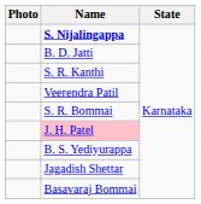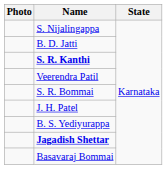 <table class="wikitable plainlinks" border=1 cellspacing=0 cellpadding=4>
 <tr>
 <th>Photo</th>
 <th>Name</th>
 <th>State</th>
 </tr>
 <tr>
 <td></td>
-<td><strong><a href='#'>S. Nijalingappa</a></strong></td>
+<td><a href='#'>S. Nijalingappa</a></td>
 <td rowspan="9"><a href='#'>Karnataka</a></td>
 </tr>
 <tr>
 <td></td>
 <td><a href='#'>B. D. Jatti</a></td>
 </tr>
 <tr>
 <td></td>
-<td><a href='#'>S. R. Kanthi</a></td>
+<td><strong><a href='#'>S. R. Kanthi</a></strong></td>
 </tr>
 <tr>
 <td></td>
 <td><a href='#'>Veerendra Patil</a></td>
 </tr>
 <tr>
 <td></td>
 <td><a href='#'>S. R. Bommai</a></td>
 </tr>
 <tr>
 <td></td>
-<td style="background: pink;"><a href='#'>J. H. Patel</a></td>
+<td><a href='#'>J. H. Patel</a></td>
 </tr>
 <tr>
 <td></td>
 <td><a href='#'>B. S. Yediyurappa</a></td>
 </tr>
 <tr>
 <td></td>
-<td><a href='#'>Jagadish Shettar</a></td>
+<td><strong><a href='#'>Jagadish Shettar</a></strong></td>
 </tr>
 <tr>
 <td></td>
 <td><a href='#'>Basavaraj Bommai</a></td>
 </tr>
 </table>
